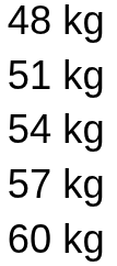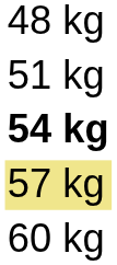 <table>
 <tr>
 <td>48 kg</td>
 <td></td>
 <td></td>
 <td></td>
 </tr>
 <tr>
 <td rowspan=2>51 kg</td>
 <td rowspan=2></td>
 <td rowspan=2></td>
 <td></td>
 </tr>
 <tr>
 <td></td>
 </tr>
 <tr>
-<td>54 kg</td>
+<td><strong>54 kg</strong></td>
 <td></td>
 <td></td>
 <td></td>
 </tr>
 <tr>
-<td>57 kg</td>
+<td style="background: khaki;">57 kg</td>
 <td></td>
 <td></td>
 <td></td>
 </tr>
 <tr>
 <td rowspan=2>60 kg</td>
 <td rowspan=2></td>
 <td rowspan=2></td>
 <td></td>
 </tr>
 <tr>
 <td></td>
 </tr>
 </table>
